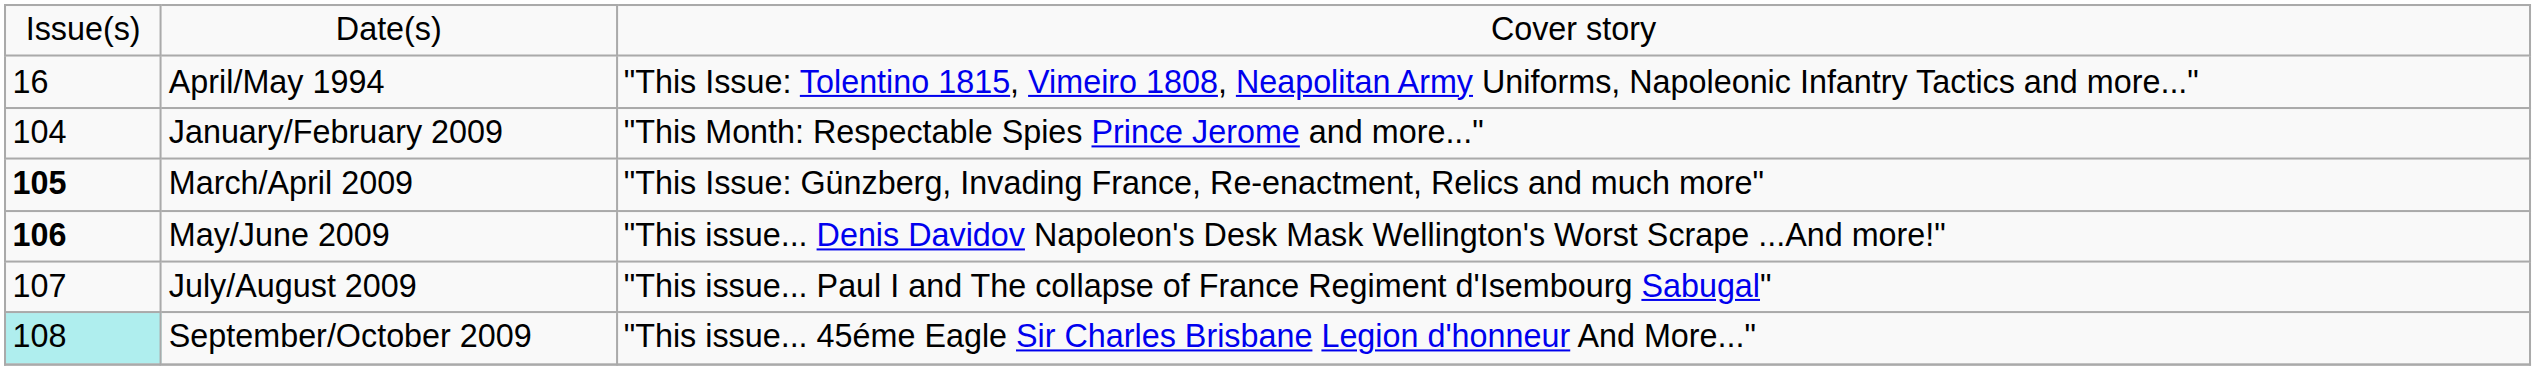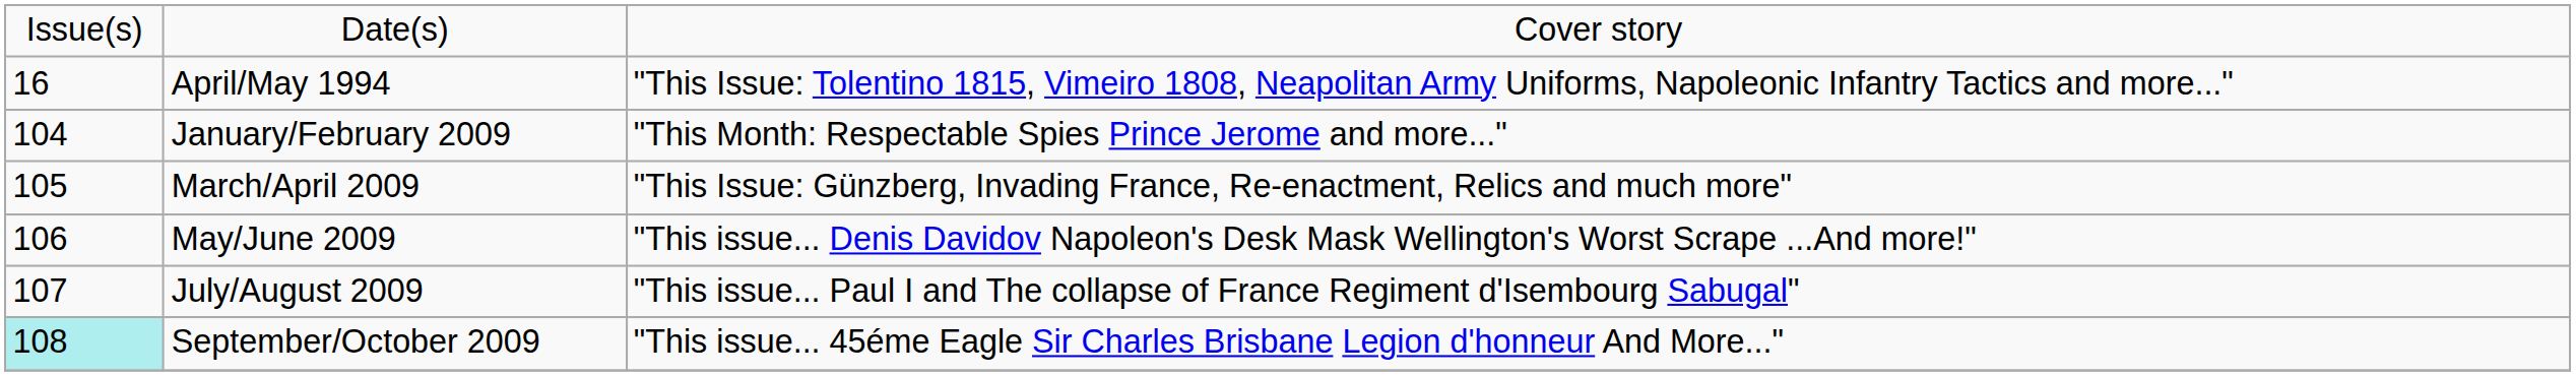 <table class="wikitable" width=99% border="1">
 <tr>
 <td align="center">Issue(s)</td>
 <td align="center">Date(s)</td>
 <td align="center">Cover story</td>
 </tr>
 <tr>
 <td>16</td>
 <td>April/May 1994</td>
 <td>"This Issue: <a href='#'>Tolentino 1815</a>, <a href='#'>Vimeiro 1808</a>, <a href='#'>Neapolitan Army</a> Uniforms, Napoleonic Infantry Tactics and more..."</td>
 </tr>
 <tr>
 <td>104</td>
 <td>January/February 2009</td>
 <td>"This Month: Respectable Spies <a href='#'>Prince Jerome</a> and more..."</td>
 </tr>
 <tr>
-<td><strong>105</strong></td>
+<td>105</td>
 <td>March/April 2009</td>
 <td>"This Issue: Günzberg, Invading France, Re-enactment, Relics and much more"</td>
 </tr>
 <tr>
-<td><strong>106</strong></td>
+<td>106</td>
 <td>May/June 2009</td>
 <td>"This issue... <a href='#'>Denis Davidov</a> Napoleon's Desk Mask Wellington's Worst Scrape ...And more!"</td>
 </tr>
 <tr>
 <td>107</td>
 <td>July/August 2009</td>
 <td>"This issue... Paul I and The collapse of France Regiment d'Isembourg <a href='#'>Sabugal</a>"</td>
 </tr>
 <tr>
 <td style="background: paleturquoise;">108</td>
 <td>September/October 2009</td>
 <td>"This issue... 45éme Eagle <a href='#'>Sir Charles Brisbane</a> <a href='#'>Legion d'honneur</a> And More..."</td>
 </tr>
 <tr>
 </tr>
 </table>
